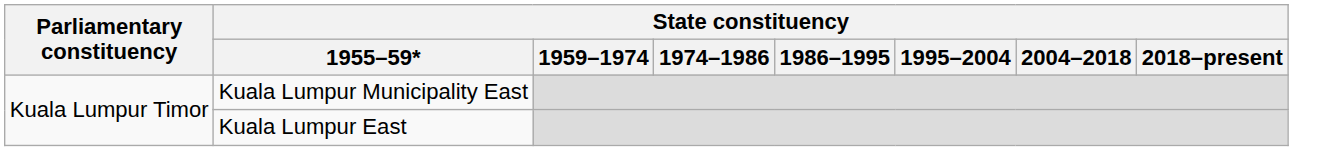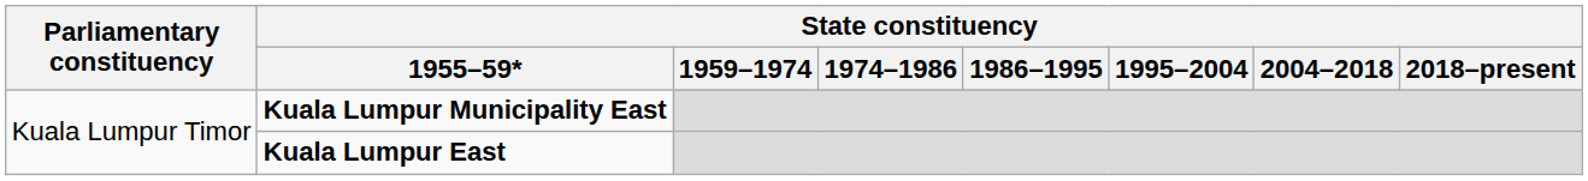 <table class="wikitable">
 <tr>
 <th rowspan="2">Parliamentary<br>constituency</th>
 <th colspan="7">State constituency</th>
 </tr>
 <tr>
 <th>1955–59*</th>
 <th>1959–1974</th>
 <th>1974–1986</th>
 <th>1986–1995</th>
 <th>1995–2004</th>
 <th>2004–2018</th>
 <th>2018–present</th>
 </tr>
 <tr>
 <td rowspan="2">Kuala Lumpur Timor</td>
-<td>Kuala Lumpur Municipality East</td>
+<td><strong>Kuala Lumpur Municipality East</strong></td>
 <td colspan="6" bgcolor="dcdcdc"></td>
 </tr>
 <tr>
-<td>Kuala Lumpur East</td>
+<td><strong>Kuala Lumpur East</strong></td>
 <td colspan="6" bgcolor="dcdcdc"></td>
 </tr>
 </table>
